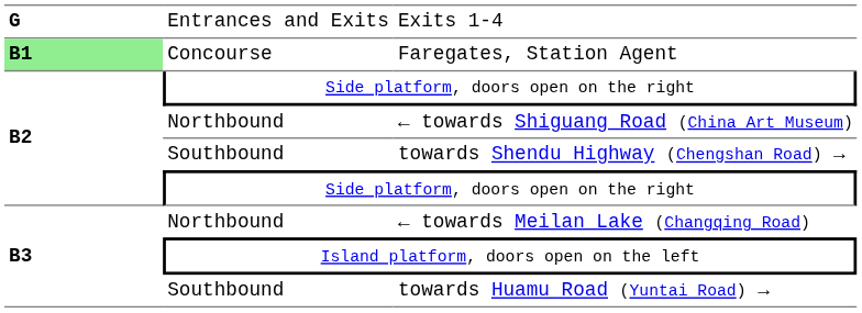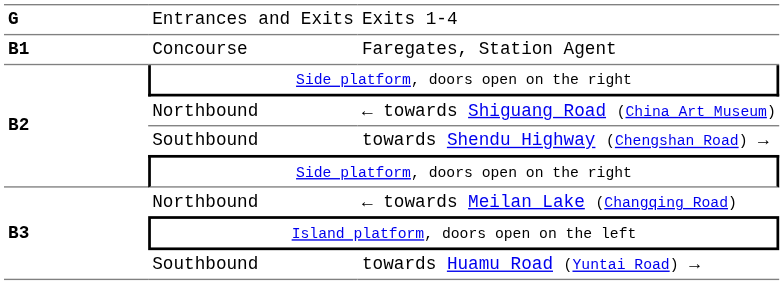 <table cellspacing=0 cellpadding=3>
 <tr>
 <td style="border-top:solid 1px gray;border-bottom:solid 1px gray;" width=100><strong>G</strong></td>
 <td style="border-top:solid 1px gray;border-bottom:solid 1px gray;">Entrances and Exits</td>
 <td style="border-top:solid 1px gray;border-bottom:solid 1px gray;">Exits 1-4</td>
 </tr>
 <tr>
-<td style="background: lightgreen; border-bottom:solid 1px gray;"><strong>B1</strong></td>
+<td style="border-bottom:solid 1px gray;"><strong>B1</strong></td>
 <td style="border-bottom:solid 1px gray;">Concourse</td>
 <td style="border-bottom:solid 1px gray;">Faregates, Station Agent</td>
 </tr>
 <tr>
 <td style="border-bottom:solid 1px gray;" rowspan=4><strong>B2</strong></td>
 <td style="border-right:solid 2px black;border-left:solid 2px black;border-bottom:solid 2px black;text-align:center;" colspan=2><small><a href='#'>Side platform</a>, doors open on the right</small></td>
 </tr>
 <tr>
 <td style="border-bottom:solid 1px gray;">Northbound</td>
 <td style="border-bottom:solid 1px gray;">←  towards <a href='#'>Shiguang Road</a> <small>(<a href='#'>China Art Museum</a>)</small></td>
 </tr>
 <tr>
 <td>Southbound</td>
 <td>  towards <a href='#'>Shendu Highway</a> <small>(<a href='#'>Chengshan Road</a>)</small> →</td>
 </tr>
 <tr>
 <td style="border-right:solid 2px black;border-left:solid 2px black;border-top:solid 2px black;border-bottom:solid 1px gray;text-align:center;" colspan=2><small><a href='#'>Side platform</a>, doors open on the right</small></td>
 </tr>
 <tr>
 <td style="border-bottom:solid 1px gray;" rowspan=3><strong>B3</strong></td>
 <td>Northbound</td>
 <td>←  towards <a href='#'>Meilan Lake</a> <small>(<a href='#'>Changqing Road</a>)</small></td>
 </tr>
 <tr>
 <td style="border-right:solid 2px black;border-left:solid 2px black;border-top:solid 2px black;border-bottom:solid 2px black;text-align:center;" colspan=2><small><a href='#'>Island platform</a>, doors open on the left</small></td>
 </tr>
 <tr>
 <td style="border-bottom:solid 1px gray;">Southbound</td>
 <td style="border-bottom:solid 1px gray;">  towards <a href='#'>Huamu Road</a> <small>(<a href='#'>Yuntai Road</a>)</small> →</td>
 </tr>
 </table>
